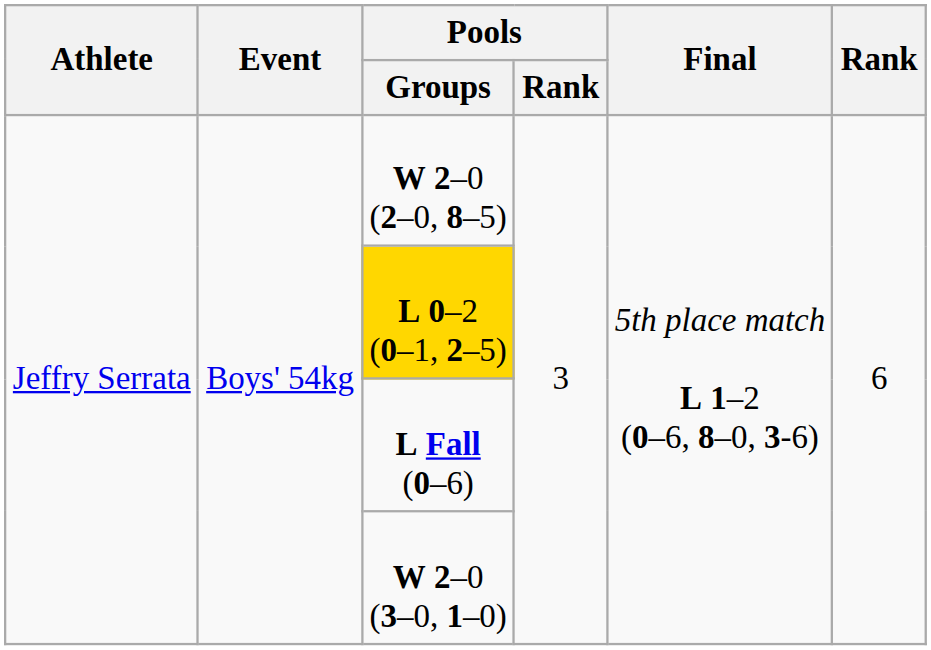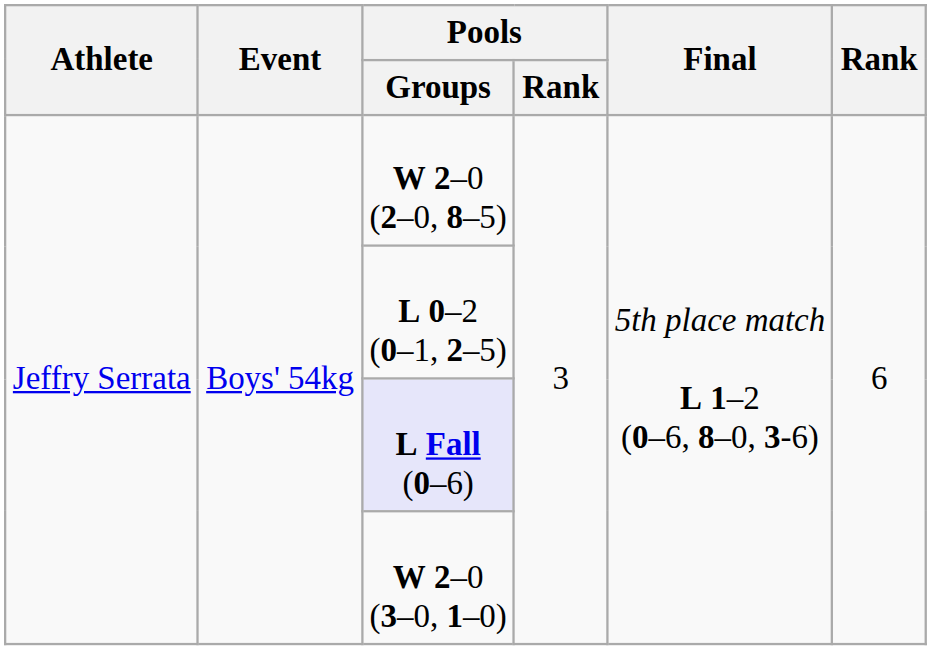 <table class="wikitable" style="text-align:left; font-size:90%">
 <tr>
 <th rowspan="2">Athlete</th>
 <th rowspan="2">Event</th>
 <th colspan="2">Pools</th>
 <th rowspan="2">Final</th>
 <th rowspan="2">Rank</th>
 </tr>
 <tr>
 <th>Groups</th>
 <th>Rank</th>
 </tr>
 <tr>
 <td rowspan="4"><a href='#'>Jeffry Serrata</a></td>
 <td rowspan="4"><a href='#'>Boys' 54kg</a></td>
 <td align=center><br><strong>W</strong> <strong>2</strong>–0<br>(<strong>2</strong>–0, <strong>8</strong>–5)</td>
 <td rowspan="4" align=center>3</td>
 <td align=center rowspan=4><em>5th place match</em><br><br><strong>L</strong> <strong>1</strong>–2<br>(<strong>0</strong>–6, <strong>8</strong>–0, <strong>3</strong>-6)</td>
 <td rowspan="4" align="center">6</td>
 </tr>
 <tr>
-<td align=center style="background: gold;"><br><strong>L</strong> <strong>0</strong>–2<br>(<strong>0</strong>–1, <strong>2</strong>–5)</td>
+<td align=center><br><strong>L</strong> <strong>0</strong>–2<br>(<strong>0</strong>–1, <strong>2</strong>–5)</td>
 </tr>
 <tr>
-<td align=center><br><strong>L</strong> <strong><a href='#'>Fall</a></strong><br>(<strong>0</strong>–6)</td>
+<td align=center style="background: lavender;"><br><strong>L</strong> <strong><a href='#'>Fall</a></strong><br>(<strong>0</strong>–6)</td>
 </tr>
 <tr>
 <td align=center><br><strong>W</strong> <strong>2</strong>–0<br>(<strong>3</strong>–0, <strong>1</strong>–0)</td>
 </tr>
 </table>
